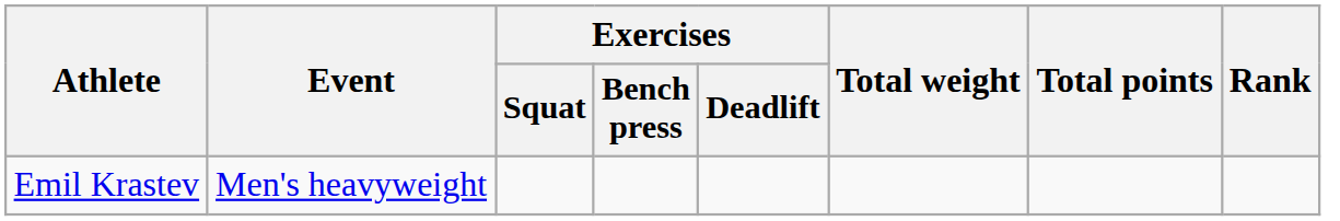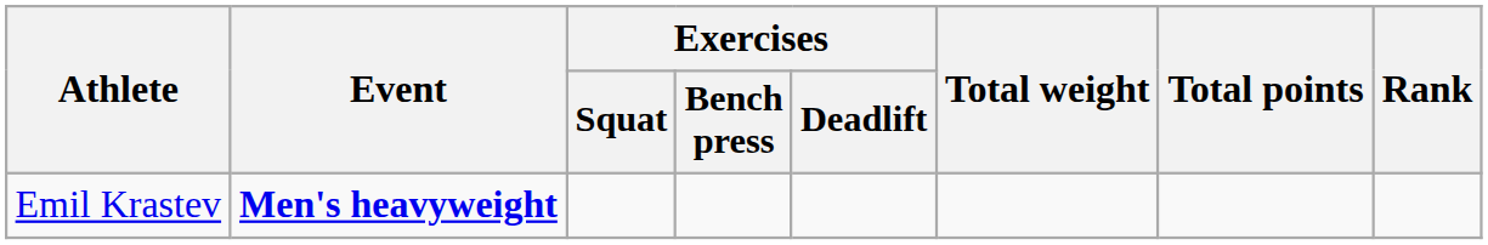 <table class=wikitable style="font-size:90%">
 <tr>
 <th rowspan="2">Athlete</th>
 <th rowspan="2">Event</th>
 <th colspan="3">Exercises</th>
 <th rowspan="2">Total weight</th>
 <th rowspan="2">Total points</th>
 <th rowspan="2">Rank</th>
 </tr>
 <tr style="font-size:95%">
 <th>Squat</th>
 <th>Bench<br>press</th>
 <th>Deadlift</th>
 </tr>
 <tr align=center>
 <td align=left><a href='#'>Emil Krastev</a></td>
-<td align=left><a href='#'>Men's heavyweight</a></td>
+<td align=left><strong><a href='#'>Men's heavyweight</a></strong></td>
 <td></td>
 <td></td>
 <td></td>
 <td></td>
 <td></td>
 <td></td>
 </tr>
 </table>
